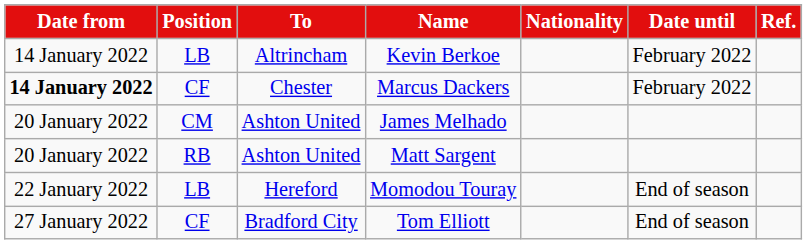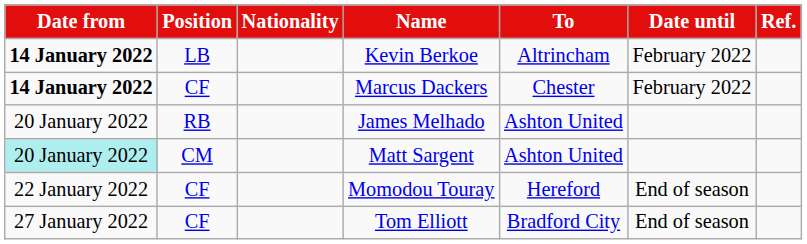 <table class="wikitable"  style="text-align:center; font-size:90%; ">
 <tr>
 <th style="background:#e20e0e;color:white;">Date from</th>
 <th style="background:#e20e0e;color:white;">Position</th>
+<th style="background:#e20e0e;color:white;">Nationality</th>
+<th style="background:#e20e0e;color:white;">Name</th>
 <th style="background:#e20e0e;color:white;">To</th>
-<th style="background:#e20e0e;color:white;">Name</th>
-<th style="background:#e20e0e;color:white;">Nationality</th>
 <th style="background:#e20e0e;color:white;">Date until</th>
 <th style="background:#e20e0e;color:white;">Ref.</th>
 </tr>
 <tr>
-<td>14 January 2022</td>
+<td><strong>14 January 2022</strong></td>
 <td><a href='#'>LB</a></td>
+<td></td>
+<td><a href='#'>Kevin Berkoe</a></td>
 <td> <a href='#'>Altrincham</a></td>
-<td><a href='#'>Kevin Berkoe</a></td>
-<td></td>
 <td>February 2022</td>
 <td></td>
 </tr>
 <tr>
 <td><strong>14 January 2022</strong></td>
 <td><a href='#'>CF</a></td>
+<td></td>
+<td><a href='#'>Marcus Dackers</a></td>
 <td> <a href='#'>Chester</a></td>
-<td><a href='#'>Marcus Dackers</a></td>
-<td></td>
 <td>February 2022</td>
 <td></td>
 </tr>
 <tr>
 <td>20 January 2022</td>
-<td><a href='#'>CM</a></td>
+<td><a href='#'>RB</a></td>
+<td></td>
+<td><a href='#'>James Melhado</a></td>
 <td> <a href='#'>Ashton United</a></td>
-<td><a href='#'>James Melhado</a></td>
-<td></td>
 <td></td>
 <td></td>
 </tr>
 <tr>
-<td>20 January 2022</td>
-<td><a href='#'>RB</a></td>
+<td style="background: paleturquoise;">20 January 2022</td>
+<td><a href='#'>CM</a></td>
+<td></td>
+<td><a href='#'>Matt Sargent</a></td>
 <td> <a href='#'>Ashton United</a></td>
-<td><a href='#'>Matt Sargent</a></td>
-<td></td>
 <td></td>
 <td></td>
 </tr>
 <tr>
 <td>22 January 2022</td>
-<td><a href='#'>LB</a></td>
+<td><a href='#'>CF</a></td>
+<td></td>
+<td><a href='#'>Momodou Touray</a></td>
 <td> <a href='#'>Hereford</a></td>
-<td><a href='#'>Momodou Touray</a></td>
-<td></td>
 <td>End of season</td>
 <td></td>
 </tr>
 <tr>
 <td>27 January 2022</td>
 <td><a href='#'>CF</a></td>
+<td></td>
+<td><a href='#'>Tom Elliott</a></td>
 <td> <a href='#'>Bradford City</a></td>
-<td><a href='#'>Tom Elliott</a></td>
-<td></td>
 <td>End of season</td>
 <td></td>
 </tr>
 </table>
